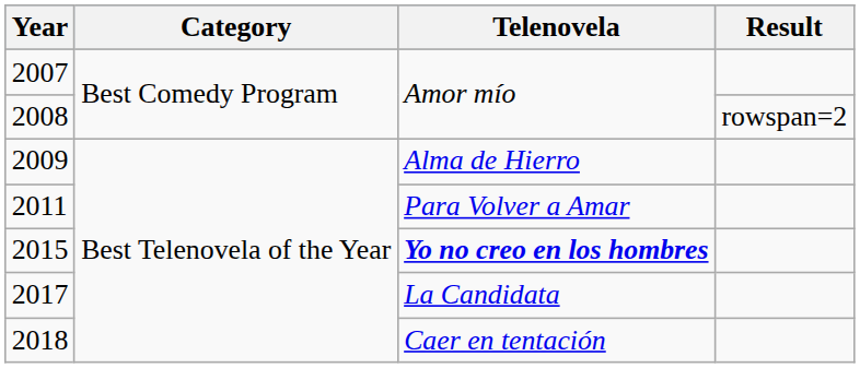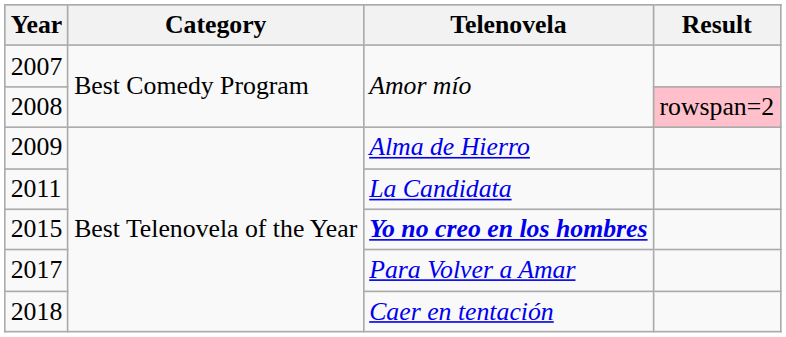 <table class="wikitable">
 <tr style="background:#b0c4de;">
 <th>Year</th>
 <th>Category</th>
 <th>Telenovela</th>
 <th>Result</th>
 </tr>
 <tr>
 <td>2007</td>
 <td rowspan=2>Best Comedy Program</td>
 <td rowspan=2><em>Amor mío</em></td>
 <td></td>
 </tr>
 <tr>
 <td>2008</td>
-<td>rowspan=2 </td>
+<td style="background: pink;">rowspan=2 </td>
 </tr>
 <tr>
 <td>2009</td>
 <td rowspan=5>Best Telenovela of the Year</td>
 <td><em><a href='#'>Alma de Hierro</a></em></td>
 </tr>
 <tr>
 <td>2011</td>
-<td><em><a href='#'>Para Volver a Amar</a></em></td>
+<td><em><a href='#'>La Candidata</a></em></td>
 <td></td>
 </tr>
 <tr>
 <td>2015</td>
 <td><strong><em><a href='#'>Yo no creo en los hombres</a></em></strong></td>
 <td></td>
 </tr>
 <tr>
 <td>2017</td>
-<td><em><a href='#'>La Candidata</a></em></td>
+<td><em><a href='#'>Para Volver a Amar</a></em></td>
 <td></td>
 </tr>
 <tr>
 <td>2018</td>
 <td><em><a href='#'>Caer en tentación</a></em></td>
 <td></td>
 </tr>
 </table>
